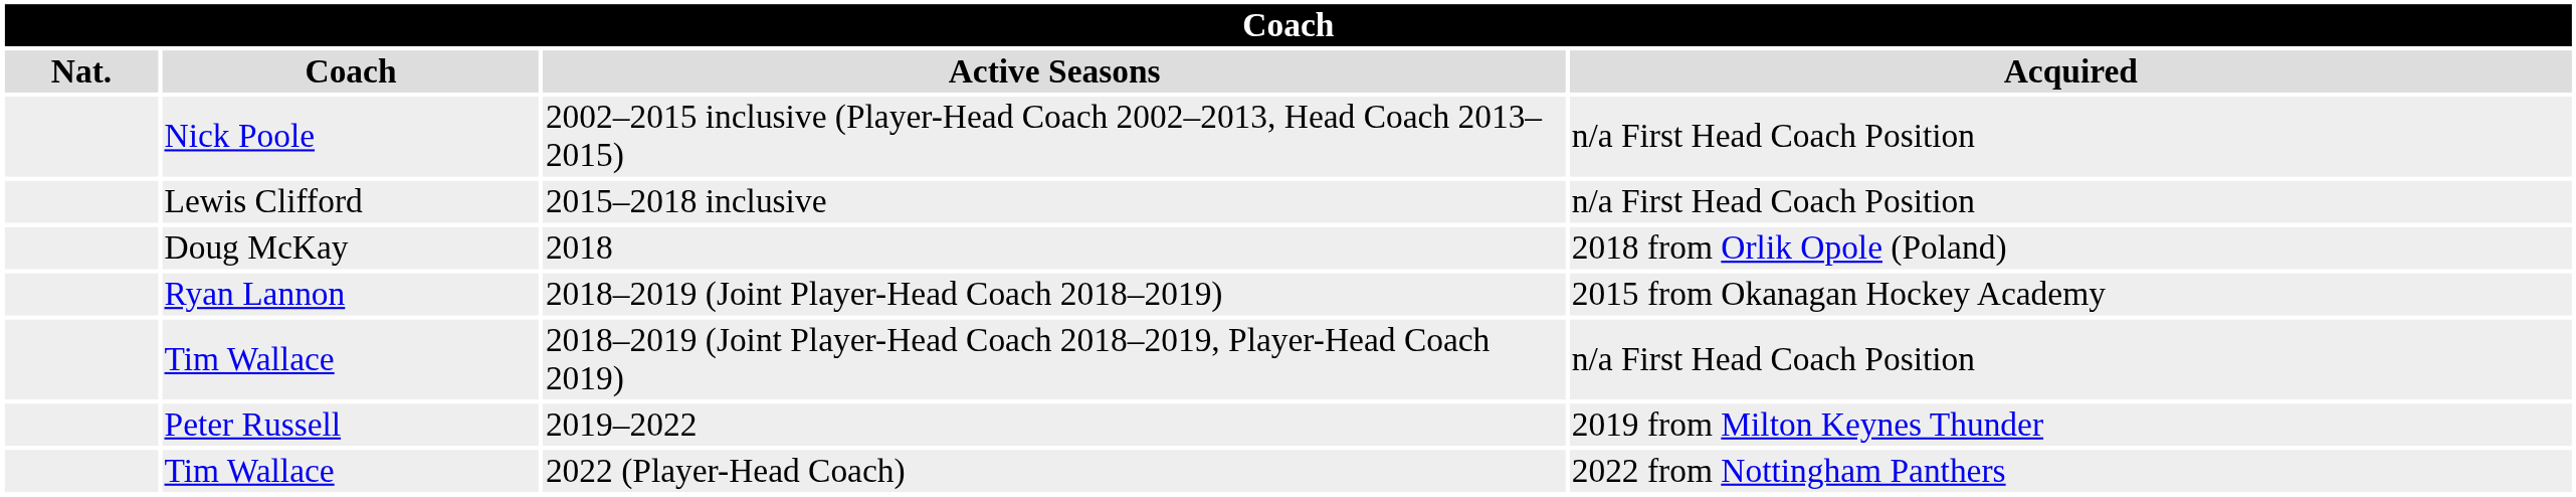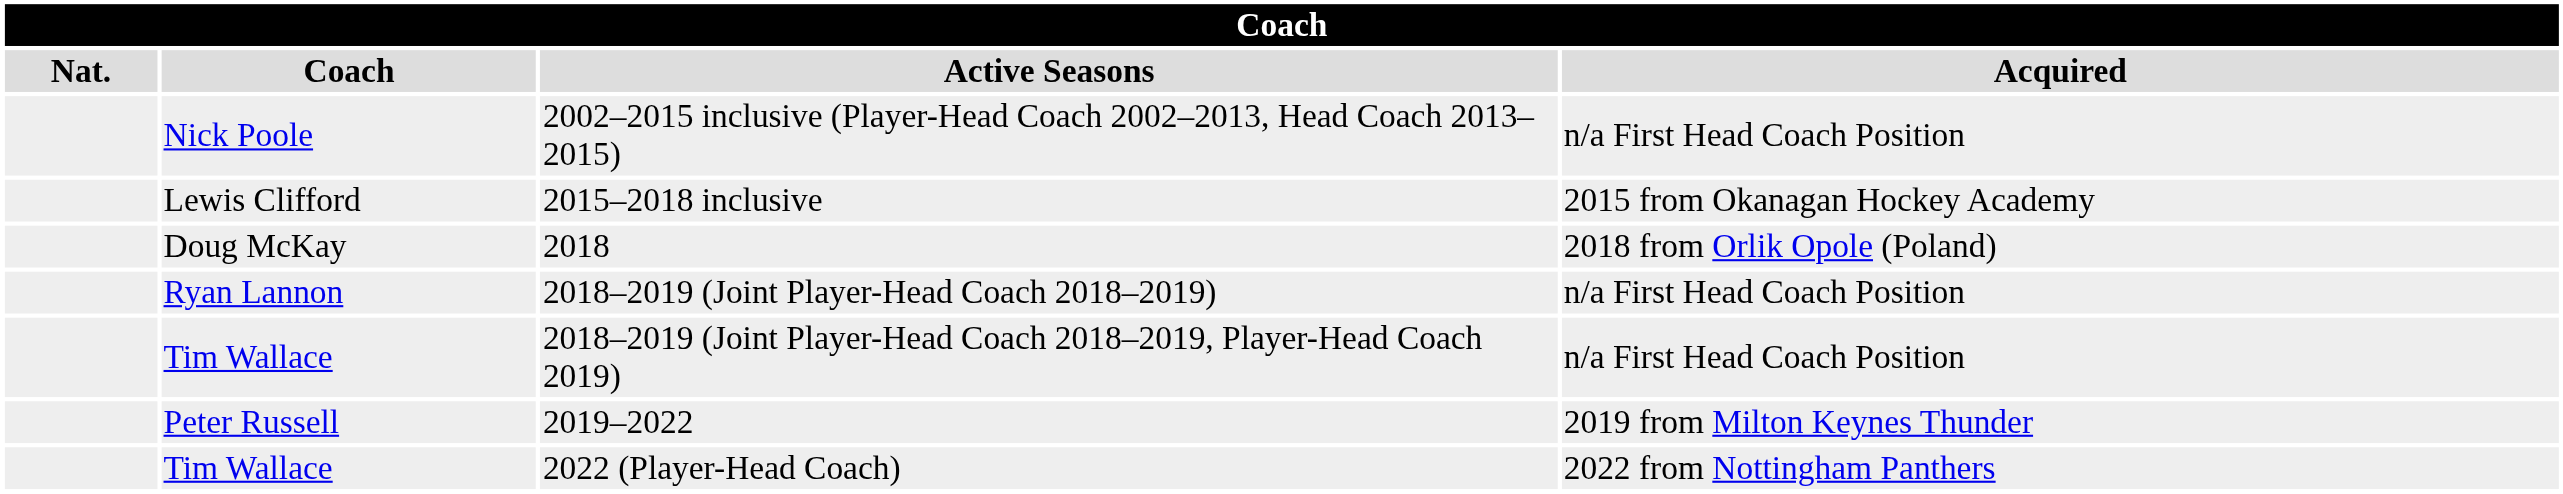 <table class="toccolours"  style="width:97%; clear:both; margin:1.5em auto; text-align:center;">
 <tr>
 <th colspan="11" style="background:#000000; color:#FFFFFF;">Coach</th>
 </tr>
 <tr style="background:#ddd;">
 <th width=6%>Nat.</th>
 <th !width=19%>Coach</th>
 <th width=40%>Active Seasons</th>
 <th widith=12%>Acquired</th>
 </tr>
 <tr style="background:#eee;">
 <td></td>
 <td align="left"><a href='#'>Nick Poole</a></td>
 <td align=left>2002–2015 inclusive (Player-Head Coach 2002–2013, Head Coach 2013–2015)</td>
 <td align=left>n/a First Head Coach Position</td>
 </tr>
 <tr style="background:#eee;">
 <td></td>
 <td align="left">Lewis Clifford</td>
 <td align=left>2015–2018 inclusive</td>
-<td align=left>n/a First Head Coach Position</td>
+<td align=left>2015 from Okanagan Hockey Academy</td>
 </tr>
 <tr style="background:#eee;">
 <td></td>
 <td align="left">Doug McKay</td>
 <td align=left>2018</td>
 <td align=left>2018 from <a href='#'>Orlik Opole</a> (Poland)</td>
 </tr>
 <tr style="background:#eee;">
 <td></td>
 <td align="left"><a href='#'>Ryan Lannon</a></td>
 <td align=left>2018–2019 (Joint Player-Head Coach 2018–2019)</td>
-<td align=left>2015 from Okanagan Hockey Academy</td>
+<td align=left>n/a First Head Coach Position</td>
 </tr>
 <tr style="background:#eee;">
 <td></td>
 <td align="left"><a href='#'>Tim Wallace</a></td>
 <td align=left>2018–2019 (Joint Player-Head Coach 2018–2019, Player-Head Coach 2019)</td>
 <td align=left>n/a First Head Coach Position</td>
 </tr>
 <tr style="background:#eee;">
 <td></td>
 <td align="left"><a href='#'>Peter Russell</a></td>
 <td align=left>2019–2022</td>
 <td align=left>2019 from <a href='#'>Milton Keynes Thunder</a></td>
 </tr>
 <tr style="background:#eee;">
 <td></td>
 <td align="left"><a href='#'>Tim Wallace</a></td>
 <td align=left>2022 (Player-Head Coach)</td>
 <td align=left>2022 from <a href='#'>Nottingham Panthers</a></td>
 </tr>
 </table>
